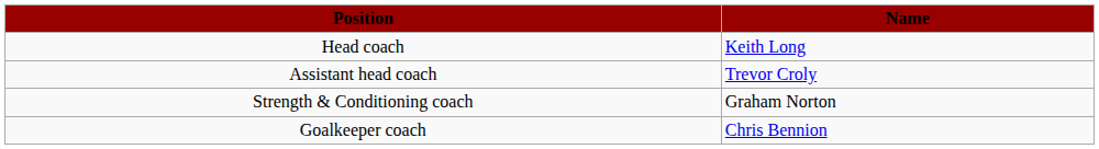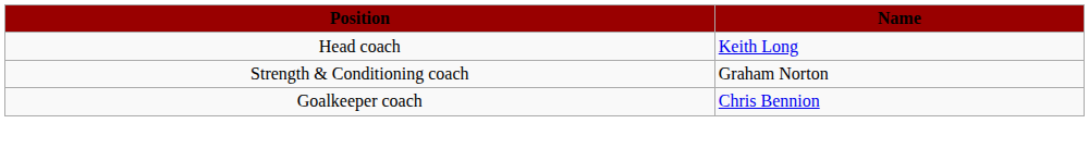 <table class="wikitable" style="text-align:center;width:50%;">
 <tr>
 <th style="background:#990000;color:#000000;">Position</th>
 <th style="background:#990000;color:#000000;">Name</th>
 </tr>
 <tr>
 <td>Head coach</td>
 <td align=left> <a href='#'>Keith Long</a></td>
 </tr>
 <tr>
-<td>Assistant head coach</td>
-<td align=left> <a href='#'>Trevor Croly</a></td>
-</tr>
-<tr>
 <td>Strength & Conditioning coach</td>
 <td align=left> Graham Norton</td>
 </tr>
 <tr>
 <td>Goalkeeper coach</td>
 <td align=left> <a href='#'>Chris Bennion</a></td>
 </tr>
 </table>
